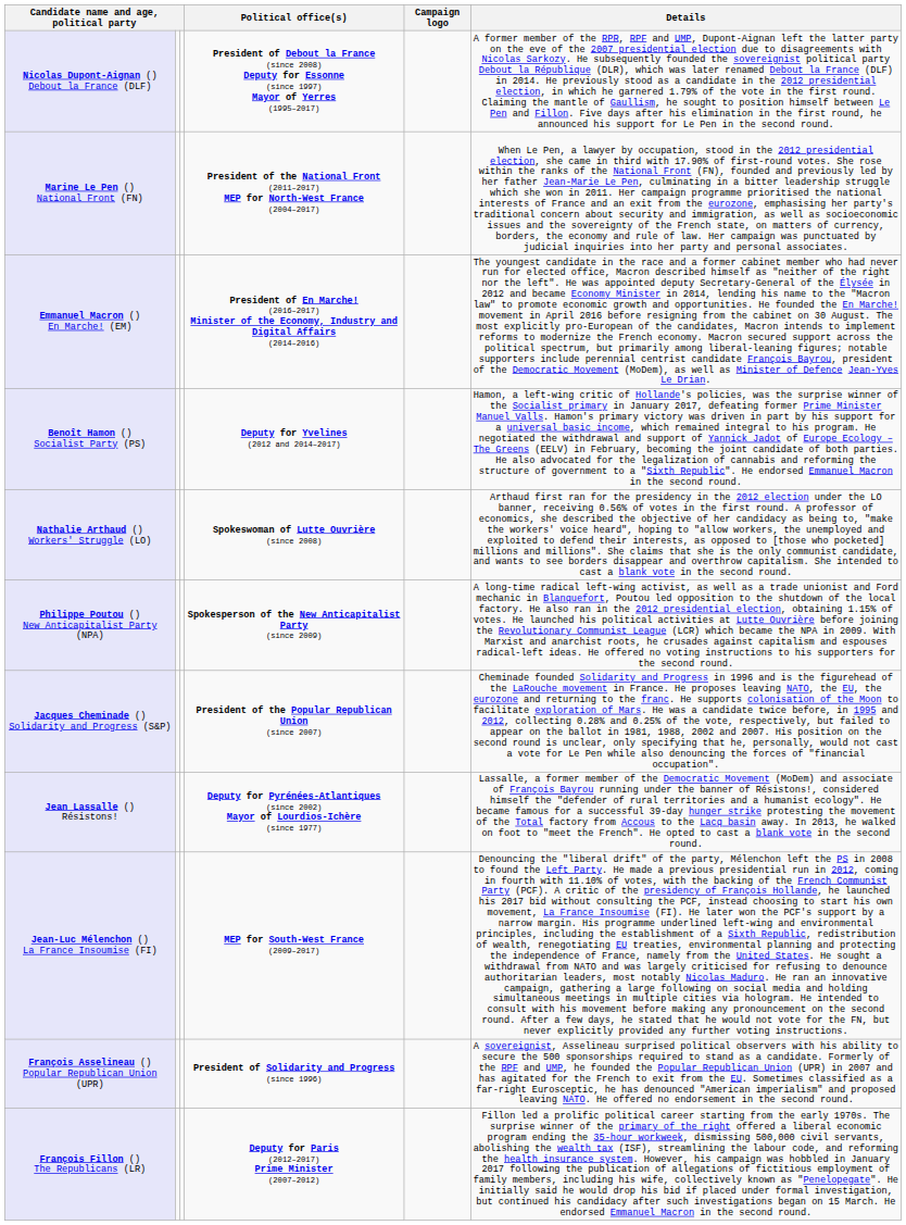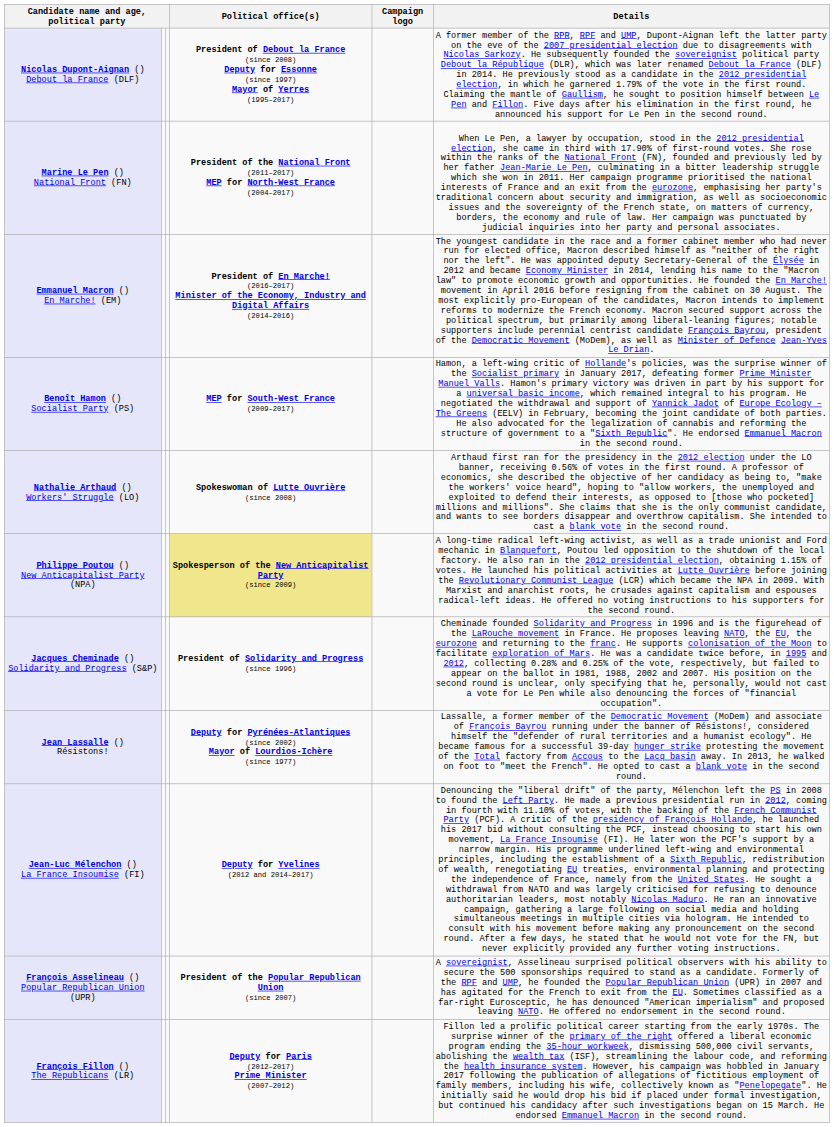 <table class="wikitable" style="text-align:center">
 <tr>
 <th colspan="3" style="width:20%;">Candidate name and age,<br>political party</th>
 <th>Political office(s)</th>
 <th>Campaign logo</th>
 <th style="width:48%;">Details</th>
 </tr>
 <tr>
 <td style="background:lavender;"><strong><a href='#'>Nicolas Dupont-Aignan</a></strong> ()<br><a href='#'>Debout la France</a> (DLF)</td>
 <td></td>
 <td style="background-color:"></td>
 <td><strong>President of <a href='#'>Debout la France</a></strong><br><small>(since 2008)</small><br><strong><a href='#'>Deputy</a> for <a href='#'>Essonne</a></strong><br><small>(since 1997)</small><br><strong><a href='#'>Mayor</a> of <a href='#'>Yerres</a></strong><br><small>(1995–2017)</small></td>
 <td></td>
 <td>A former member of the <a href='#'>RPR</a>, <a href='#'>RPF</a> and <a href='#'>UMP</a>, Dupont-Aignan left the latter party on the eve of the <a href='#'>2007 presidential election</a> due to disagreements with <a href='#'>Nicolas Sarkozy</a>. He subsequently founded the <a href='#'>sovereignist</a> political party <a href='#'>Debout la République</a> (DLR), which was later renamed <a href='#'>Debout la France</a> (DLF) in 2014. He previously stood as a candidate in the <a href='#'>2012 presidential election</a>, in which he garnered 1.79% of the vote in the first round. Claiming the mantle of <a href='#'>Gaullism</a>, he sought to position himself between <a href='#'>Le Pen</a> and <a href='#'>Fillon</a>. Five days after his elimination in the first round, he announced his support for Le Pen in the second round.</td>
 </tr>
 <tr>
 <td style="background:lavender;"><strong><a href='#'>Marine Le Pen</a></strong> ()<br><a href='#'>National Front</a> (FN)</td>
 <td></td>
 <td style="background-color:"></td>
 <td><strong>President of the <a href='#'>National Front</a></strong><br><small>(2011–2017)</small><br><strong><a href='#'>MEP</a> for <a href='#'>North-West France</a></strong><br><small>(2004–2017)</small></td>
 <td></td>
 <td><br>When Le Pen, a lawyer by occupation, stood in the <a href='#'>2012 presidential election</a>, she came in third with 17.90% of first-round votes. She rose within the ranks of the <a href='#'>National Front</a> (FN), founded and previously led by her father <a href='#'>Jean-Marie Le Pen</a>, culminating in a bitter leadership struggle which she won in 2011. Her campaign programme prioritised the national interests of France and an exit from the <a href='#'>eurozone</a>, emphasising her party's traditional concern about security and immigration, as well as socioeconomic issues and the sovereignty of the French state, on matters of currency, borders, the economy and rule of law. Her campaign was punctuated by judicial inquiries into her party and personal associates.</td>
 </tr>
 <tr>
 <td style="background:lavender;"><strong><a href='#'>Emmanuel Macron</a></strong> ()<br><a href='#'>En Marche!</a> (EM)</td>
 <td></td>
 <td style="background-color:"></td>
 <td><strong>President of <a href='#'>En Marche!</a></strong><br><small>(2016–2017)</small><br><strong><a href='#'>Minister of the Economy, Industry and Digital Affairs</a></strong><br><small>(2014–2016)</small></td>
 <td></td>
 <td>The youngest candidate in the race and a former cabinet member who had never run for elected office, Macron described himself as "neither of the right nor the left". He was appointed deputy Secretary-General of the <a href='#'>Élysée</a> in 2012 and became <a href='#'>Economy Minister</a> in 2014, lending his name to the "Macron law" to promote economic growth and opportunities. He founded the <a href='#'>En Marche!</a> movement in April 2016 before resigning from the cabinet on 30 August. The most explicitly pro-European of the candidates, Macron intends to implement reforms to modernize the French economy. Macron secured support across the political spectrum, but primarily among liberal-leaning figures; notable supporters include perennial centrist candidate <a href='#'>François Bayrou</a>, president of the <a href='#'>Democratic Movement</a> (MoDem), as well as <a href='#'>Minister of Defence</a> <a href='#'>Jean-Yves Le Drian</a>.</td>
 </tr>
 <tr>
 <td style="background:lavender;"><strong><a href='#'>Benoît Hamon</a></strong> ()<br><a href='#'>Socialist Party</a> (PS)</td>
 <td></td>
 <td style="background-color:"></td>
-<td><strong><a href='#'>Deputy</a> for <a href='#'>Yvelines</a></strong><br><small>(2012 and 2014–2017)</small><br></td>
+<td><strong><a href='#'>MEP</a> for <a href='#'>South-West France</a></strong><br><small>(2009–2017)</small><br></td>
 <td></td>
 <td>Hamon, a left-wing critic of <a href='#'>Hollande</a>'s policies, was the surprise winner of the <a href='#'>Socialist primary</a> in January 2017, defeating former <a href='#'>Prime Minister</a> <a href='#'>Manuel Valls</a>. Hamon's primary victory was driven in part by his support for a <a href='#'>universal basic income</a>, which remained integral to his program. He negotiated the withdrawal and support of <a href='#'>Yannick Jadot</a> of <a href='#'>Europe Ecology – The Greens</a> (EELV) in February, becoming the joint candidate of both parties. He also advocated for the legalization of cannabis and reforming the structure of government to a "<a href='#'>Sixth Republic</a>". He endorsed <a href='#'>Emmanuel Macron</a> in the second round.</td>
 </tr>
 <tr>
 <td style="background:lavender;"><strong><a href='#'>Nathalie Arthaud</a></strong> ()<br><a href='#'>Workers' Struggle</a> (LO)</td>
 <td></td>
 <td style="background-color:"></td>
 <td><strong>Spokeswoman of <a href='#'>Lutte Ouvrière</a></strong><br><small>(since 2008)</small></td>
 <td></td>
 <td>Arthaud first ran for the presidency in the <a href='#'>2012 election</a> under the LO banner, receiving 0.56% of votes in the first round. A professor of economics, she described the objective of her candidacy as being to, "make the workers' voice heard", hoping to "allow workers, the unemployed and exploited to defend their interests, as opposed to [those who pocketed] millions and millions". She claims that she is the only communist candidate, and wants to see borders disappear and overthrow capitalism. She intended to cast a <a href='#'>blank vote</a> in the second round.</td>
 </tr>
 <tr>
 <td style="background:lavender;"><strong><a href='#'>Philippe Poutou</a></strong> ()<br><a href='#'>New Anticapitalist Party</a> (NPA)</td>
 <td></td>
 <td style="background-color:"></td>
-<td><strong>Spokesperson of the <a href='#'>New Anticapitalist Party</a></strong><br><small>(since 2009)</small></td>
+<td style="background: khaki;"><strong>Spokesperson of the <a href='#'>New Anticapitalist Party</a></strong><br><small>(since 2009)</small></td>
 <td></td>
 <td>A long-time radical left-wing activist, as well as a trade unionist and Ford mechanic in <a href='#'>Blanquefort</a>, Poutou led opposition to the shutdown of the local factory. He also ran in the <a href='#'>2012 presidential election</a>, obtaining 1.15% of votes. He launched his political activities at <a href='#'>Lutte Ouvrière</a> before joining the <a href='#'>Revolutionary Communist League</a> (LCR) which became the NPA in 2009. With Marxist and anarchist roots, he crusades against capitalism and espouses radical-left ideas. He offered no voting instructions to his supporters for the second round.</td>
 </tr>
 <tr>
 <td style="background:lavender;"><strong><a href='#'>Jacques Cheminade</a></strong> ()<br><a href='#'>Solidarity and Progress</a> (S&P)</td>
 <td></td>
 <td style="background-color:"></td>
-<td><strong>President of the <a href='#'>Popular Republican Union</a></strong><br><small>(since 2007)</small></td>
+<td><strong>President of <a href='#'>Solidarity and Progress</a></strong><br><small>(since 1996)</small></td>
 <td></td>
 <td>Cheminade founded <a href='#'>Solidarity and Progress</a> in 1996 and is the figurehead of the <a href='#'>LaRouche movement</a> in France. He proposes leaving <a href='#'>NATO</a>, the <a href='#'>EU</a>, the <a href='#'>eurozone</a> and returning to the <a href='#'>franc</a>. He supports <a href='#'>colonisation of the Moon</a> to facilitate <a href='#'>exploration of Mars</a>. He was a candidate twice before, in <a href='#'>1995</a> and <a href='#'>2012</a>, collecting 0.28% and 0.25% of the vote, respectively, but failed to appear on the ballot in 1981, 1988, 2002 and 2007. His position on the second round is unclear, only specifying that he, personally, would not cast a vote for Le Pen while also denouncing the forces of "financial occupation".</td>
 </tr>
 <tr>
 <td style="background:lavender;"><strong><a href='#'>Jean Lassalle</a></strong> ()<br>Résistons!</td>
 <td></td>
 <td style="background:"></td>
 <td><strong><a href='#'>Deputy</a> for <a href='#'>Pyrénées-Atlantiques</a></strong><br><small>(since 2002)</small><br><strong><a href='#'>Mayor</a> of <a href='#'>Lourdios-Ichère</a></strong><br><small>(since 1977)</small></td>
 <td></td>
 <td>Lassalle, a former member of the <a href='#'>Democratic Movement</a> (MoDem) and associate of <a href='#'>François Bayrou</a> running under the banner of Résistons!, considered himself the "defender of rural territories and a humanist ecology". He became famous for a successful 39-day <a href='#'>hunger strike</a> protesting the movement of the <a href='#'>Total</a> factory from <a href='#'>Accous</a> to the <a href='#'>Lacq basin</a>  away. In 2013, he walked  on foot to "meet the French". He opted to cast a <a href='#'>blank vote</a> in the second round.</td>
 </tr>
 <tr>
 <td style="background:lavender;"><strong><a href='#'>Jean-Luc Mélenchon</a></strong> ()<br><a href='#'>La France Insoumise</a> (FI)</td>
 <td></td>
 <td style="background-color:"></td>
-<td><strong><a href='#'>MEP</a> for <a href='#'>South-West France</a></strong><br><small>(2009–2017)</small><br></td>
+<td><strong><a href='#'>Deputy</a> for <a href='#'>Yvelines</a></strong><br><small>(2012 and 2014–2017)</small><br></td>
 <td></td>
 <td>Denouncing the "liberal drift" of the party, Mélenchon left the <a href='#'>PS</a> in 2008 to found the <a href='#'>Left Party</a>. He made a previous presidential run in <a href='#'>2012</a>, coming in fourth with 11.10% of votes, with the backing of the <a href='#'>French Communist Party</a> (PCF). A critic of the <a href='#'>presidency of François Hollande</a>, he launched his 2017 bid without consulting the PCF, instead choosing to start his own movement, <a href='#'>La France Insoumise</a> (FI). He later won the PCF's support by a narrow margin. His programme underlined left-wing and environmental principles, including the establishment of a <a href='#'>Sixth Republic</a>, redistribution of wealth, renegotiating <a href='#'>EU</a> treaties, environmental planning and protecting the independence of France, namely from the <a href='#'>United States</a>. He sought a withdrawal from NATO and was largely criticised for refusing to denounce authoritarian leaders, most notably <a href='#'>Nicolas Maduro</a>. He ran an innovative campaign, gathering a large following on social media and holding simultaneous meetings in multiple cities via hologram. He intended to consult with his movement before making any pronouncement on the second round. After a few days, he stated that he would not vote for the FN, but never explicitly provided any further voting instructions.</td>
 </tr>
 <tr>
 <td style="background:lavender;"><strong><a href='#'>François Asselineau</a></strong> ()<br><a href='#'>Popular Republican Union</a> (UPR)</td>
 <td></td>
 <td style="background-color:"></td>
-<td><strong>President of <a href='#'>Solidarity and Progress</a></strong><br><small>(since 1996)</small></td>
+<td><strong>President of the <a href='#'>Popular Republican Union</a></strong><br><small>(since 2007)</small></td>
 <td></td>
 <td>A <a href='#'>sovereignist</a>, Asselineau surprised political observers with his ability to secure the 500 sponsorships required to stand as a candidate. Formerly of the <a href='#'>RPF</a> and <a href='#'>UMP</a>, he founded the <a href='#'>Popular Republican Union</a> (UPR) in 2007 and has agitated for the French to exit from the <a href='#'>EU</a>. Sometimes classified as a far-right Eurosceptic, he has denounced "American imperialism" and proposed leaving <a href='#'>NATO</a>. He offered no endorsement in the second round.</td>
 </tr>
 <tr>
 <td style="background:lavender;"><strong><a href='#'>François Fillon</a></strong> ()<br><a href='#'>The Republicans</a> (LR)</td>
 <td></td>
 <td style="background-color:"></td>
 <td><strong><a href='#'>Deputy</a> for <a href='#'>Paris</a></strong><br><small>(2012–2017)</small><br><strong><a href='#'>Prime Minister</a></strong><br><small>(2007–2012)</small><br></td>
 <td></td>
 <td>Fillon led a prolific political career starting from the early 1970s. The surprise winner of the <a href='#'>primary of the right</a> offered a liberal economic program ending the <a href='#'>35-hour workweek</a>, dismissing 500,000 civil servants, abolishing the <a href='#'>wealth tax</a> (ISF), streamlining the labour code, and reforming the <a href='#'>health insurance system</a>. However, his campaign was hobbled in January 2017 following the publication of allegations of fictitious employment of family members, including his wife, collectively known as "<a href='#'>Penelopegate</a>". He initially said he would drop his bid if placed under formal investigation, but continued his candidacy after such investigations began on 15 March. He endorsed <a href='#'>Emmanuel Macron</a> in the second round.</td>
 </tr>
 </table>
